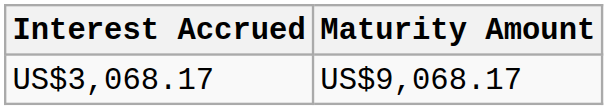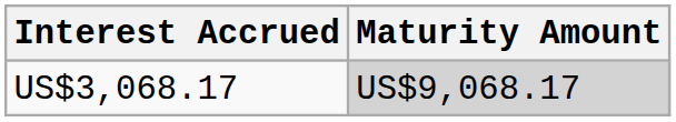 <table class="wikitable" border="1">
 <tr>
 <th>Interest Accrued</th>
 <th>Maturity Amount</th>
 </tr>
 <tr>
 <td>US$3,068.17</td>
-<td>US$9,068.17</td>
+<td style="background: lightgrey;">US$9,068.17</td>
 </tr>
 </table>
